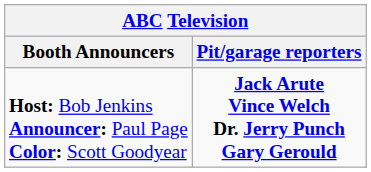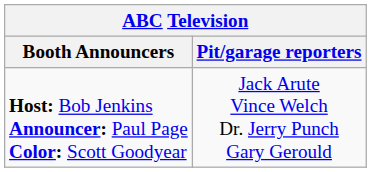 <table class="wikitable" style="font-size: 95%;">
 <tr>
 <th colspan=2><a href='#'>ABC</a> <a href='#'>Television</a></th>
 </tr>
 <tr>
 <th>Booth Announcers</th>
 <th><a href='#'>Pit/garage reporters</a></th>
 </tr>
 <tr>
 <td valign="top"><br><strong>Host:</strong> <a href='#'>Bob Jenkins</a><br> <strong><a href='#'>Announcer</a>:</strong> <a href='#'>Paul Page</a><br> <strong><a href='#'>Color</a>:</strong> <a href='#'>Scott Goodyear</a><br></td>
-<td align="center" valign="top"><strong><a href='#'>Jack Arute</a><br><a href='#'>Vince Welch</a><br>Dr. <a href='#'>Jerry Punch</a><br><a href='#'>Gary Gerould</a></strong></td>
+<td align="center" valign="top"><a href='#'>Jack Arute</a><br><a href='#'>Vince Welch</a><br>Dr. <a href='#'>Jerry Punch</a><br><a href='#'>Gary Gerould</a></td>
 </tr>
 </table>
